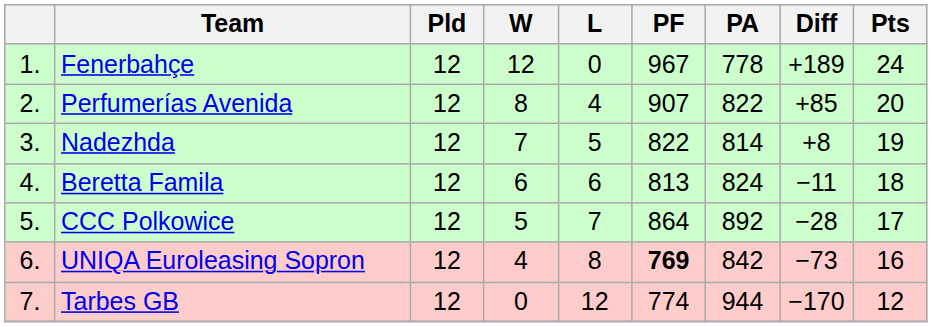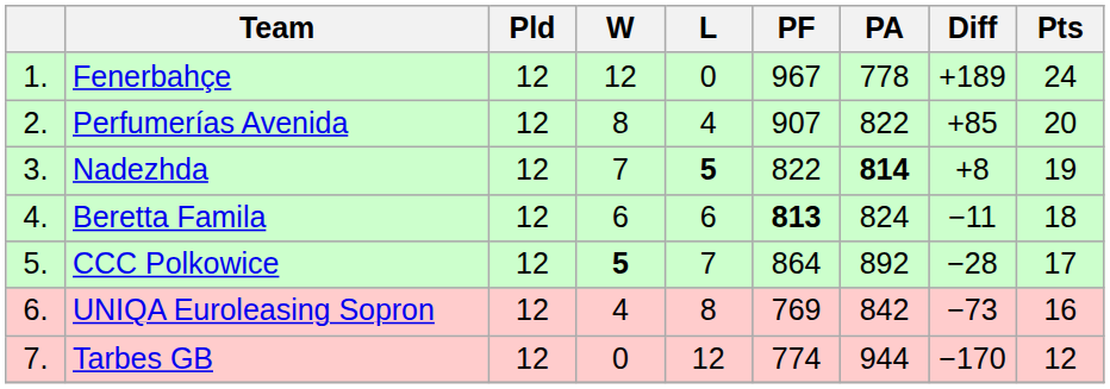 <table class="wikitable" style="text-align:center">
 <tr>
 <th width=25></th>
 <th width=220>Team</th>
 <th width=40>Pld</th>
 <th width=40>W</th>
 <th width=40>L</th>
 <th width=40>PF</th>
 <th width=40>PA</th>
 <th width=40>Diff</th>
 <th width=40>Pts</th>
 </tr>
 <tr style="background:#ccffcc;">
 <td>1.</td>
 <td align=left> <a href='#'>Fenerbahçe</a></td>
 <td>12</td>
 <td>12</td>
 <td>0</td>
 <td>967</td>
 <td>778</td>
 <td>+189</td>
 <td>24</td>
 </tr>
 <tr style="background:#ccffcc;">
 <td>2.</td>
 <td align=left> <a href='#'>Perfumerías Avenida</a></td>
 <td>12</td>
 <td>8</td>
 <td>4</td>
 <td>907</td>
 <td>822</td>
 <td>+85</td>
 <td>20</td>
 </tr>
 <tr style="background:#ccffcc;">
 <td>3.</td>
 <td align=left> <a href='#'>Nadezhda</a></td>
 <td>12</td>
 <td>7</td>
-<td>5</td>
+<td><strong>5</strong></td>
 <td>822</td>
-<td>814</td>
+<td><strong>814</strong></td>
 <td>+8</td>
 <td>19</td>
 </tr>
 <tr style="background:#ccffcc;">
 <td>4.</td>
 <td align=left> <a href='#'>Beretta Famila</a></td>
 <td>12</td>
 <td>6</td>
 <td>6</td>
-<td>813</td>
+<td><strong>813</strong></td>
 <td>824</td>
 <td>−11</td>
 <td>18</td>
 </tr>
 <tr style="background:#ccffcc;">
 <td>5.</td>
 <td align=left> <a href='#'>CCC Polkowice</a></td>
 <td>12</td>
-<td>5</td>
+<td><strong>5</strong></td>
 <td>7</td>
 <td>864</td>
 <td>892</td>
 <td>−28</td>
 <td>17</td>
 </tr>
 <tr style="background: #ffcccc;">
 <td>6.</td>
 <td align=left> <a href='#'>UNIQA Euroleasing Sopron</a></td>
 <td>12</td>
 <td>4</td>
 <td>8</td>
-<td><strong>769</strong></td>
+<td>769</td>
 <td>842</td>
 <td>−73</td>
 <td>16</td>
 </tr>
 <tr style="background: #ffcccc;">
 <td>7.</td>
 <td align=left> <a href='#'>Tarbes GB</a></td>
 <td>12</td>
 <td>0</td>
 <td>12</td>
 <td>774</td>
 <td>944</td>
 <td>−170</td>
 <td>12</td>
 </tr>
 <tr>
 </tr>
 </table>
